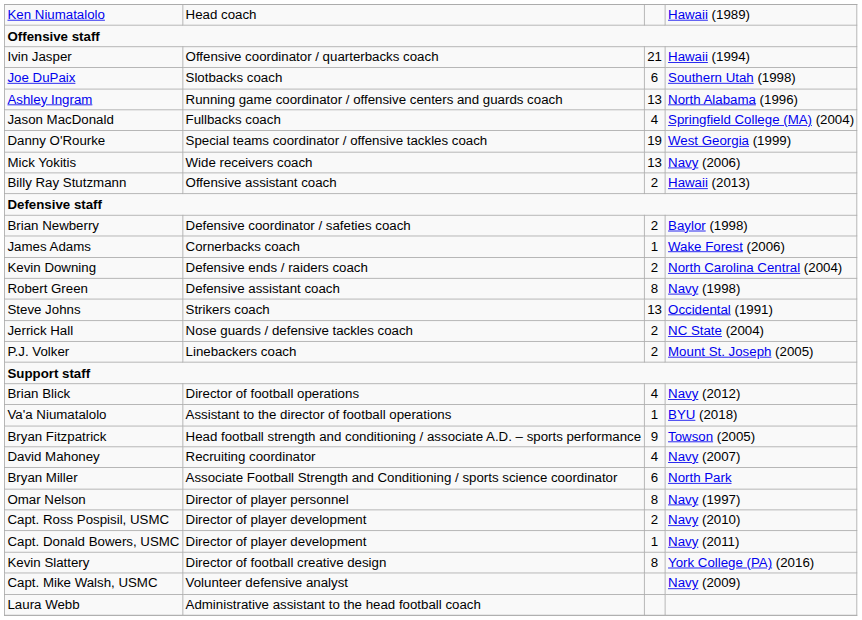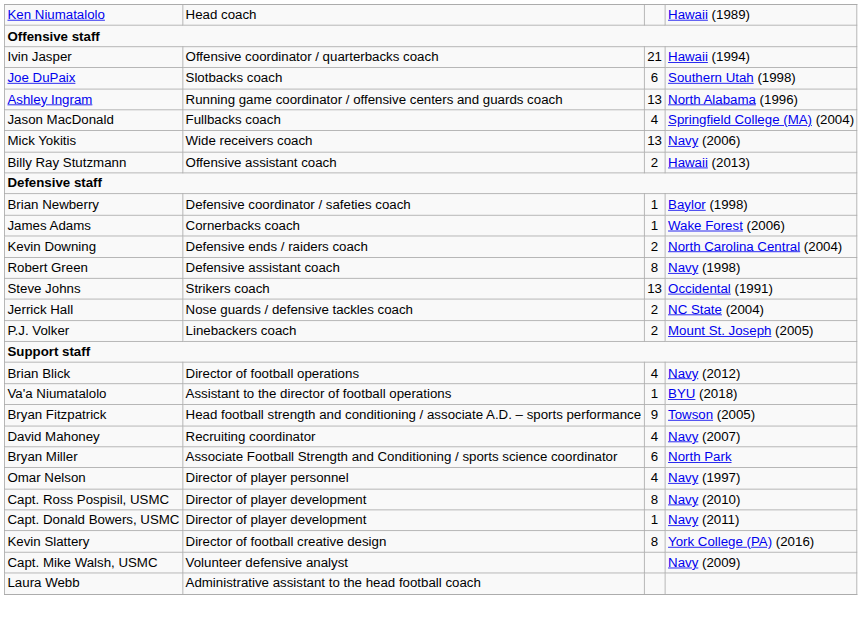 <table class="wikitable">
 <tr>
 </tr>
 <tr>
 <td><a href='#'>Ken Niumatalolo</a></td>
 <td>Head coach</td>
 <td align=center></td>
 <td><a href='#'>Hawaii</a> (1989)</td>
 </tr>
 <tr>
 <td colspan="4"><strong>Offensive staff</strong></td>
 </tr>
 <tr>
 <td>Ivin Jasper</td>
 <td>Offensive coordinator / quarterbacks coach</td>
 <td align=center>21</td>
 <td><a href='#'>Hawaii</a> (1994)</td>
 </tr>
 <tr>
 <td><a href='#'>Joe DuPaix</a></td>
 <td>Slotbacks coach</td>
 <td align=center>6</td>
 <td><a href='#'>Southern Utah</a> (1998)</td>
 </tr>
 <tr>
 <td><a href='#'>Ashley Ingram</a></td>
 <td>Running game coordinator / offensive centers and guards coach</td>
 <td align=center>13</td>
 <td><a href='#'>North Alabama</a> (1996)</td>
 </tr>
 <tr>
 <td>Jason MacDonald</td>
 <td>Fullbacks coach</td>
 <td align="center">4</td>
 <td><a href='#'>Springfield College (MA)</a> (2004)</td>
 </tr>
 <tr>
-<td>Danny O'Rourke</td>
-<td>Special teams coordinator / offensive tackles coach</td>
-<td align=center>19</td>
-<td><a href='#'>West Georgia</a> (1999)</td>
-</tr>
-<tr>
 <td>Mick Yokitis</td>
 <td>Wide receivers coach</td>
 <td align=center>13</td>
 <td><a href='#'>Navy</a> (2006)</td>
 </tr>
 <tr>
 <td>Billy Ray Stutzmann</td>
 <td>Offensive assistant coach</td>
 <td align=center>2</td>
 <td><a href='#'>Hawaii</a> (2013)</td>
 </tr>
 <tr>
 <td colspan="4"><strong>Defensive staff</strong></td>
 </tr>
 <tr>
 <td>Brian Newberry</td>
 <td>Defensive coordinator / safeties coach</td>
-<td align=center>2</td>
+<td align=center>1</td>
 <td><a href='#'>Baylor</a> (1998)</td>
 </tr>
 <tr>
 <td>James Adams</td>
 <td>Cornerbacks coach</td>
 <td align=center>1</td>
 <td><a href='#'>Wake Forest</a> (2006)</td>
 </tr>
 <tr>
 <td>Kevin Downing</td>
 <td>Defensive ends / raiders coach</td>
 <td align=center>2</td>
 <td><a href='#'>North Carolina Central</a> (2004)</td>
 </tr>
 <tr>
 <td>Robert Green</td>
 <td>Defensive assistant coach</td>
 <td align=center>8</td>
 <td><a href='#'>Navy</a> (1998)</td>
 </tr>
 <tr>
 <td>Steve Johns</td>
 <td>Strikers coach</td>
 <td align="center">13</td>
 <td><a href='#'>Occidental</a> (1991)</td>
 </tr>
 <tr>
 <td>Jerrick Hall</td>
 <td>Nose guards / defensive tackles coach</td>
 <td align="center">2</td>
 <td><a href='#'>NC State</a> (2004)</td>
 </tr>
 <tr>
 <td>P.J. Volker</td>
 <td>Linebackers coach</td>
 <td align=center>2</td>
 <td><a href='#'>Mount St. Joseph</a> (2005)</td>
 </tr>
 <tr>
 <td colspan="4"><strong>Support staff</strong></td>
 </tr>
 <tr>
 <td>Brian Blick</td>
 <td>Director of football operations</td>
 <td align=center>4</td>
 <td><a href='#'>Navy</a> (2012)</td>
 </tr>
 <tr>
 <td>Va'a Niumatalolo</td>
 <td>Assistant to the director of football operations</td>
 <td align="center">1</td>
 <td><a href='#'>BYU</a> (2018)</td>
 </tr>
 <tr>
 <td>Bryan Fitzpatrick</td>
 <td>Head football strength and conditioning / associate A.D. – sports performance</td>
 <td align="center">9</td>
 <td><a href='#'>Towson</a> (2005)</td>
 </tr>
 <tr>
 <td>David Mahoney</td>
 <td>Recruiting coordinator</td>
 <td align=center>4</td>
 <td><a href='#'>Navy</a> (2007)</td>
 </tr>
 <tr>
 <td>Bryan Miller</td>
 <td>Associate Football Strength and Conditioning / sports science coordinator</td>
 <td align=center>6</td>
 <td><a href='#'>North Park</a></td>
 </tr>
 <tr>
 <td>Omar Nelson</td>
 <td>Director of player personnel</td>
-<td align=center>8</td>
+<td align=center>4</td>
 <td><a href='#'>Navy</a> (1997)</td>
 </tr>
 <tr>
 <td>Capt. Ross Pospisil, USMC</td>
 <td>Director of player development</td>
-<td align=center>2</td>
+<td align=center>8</td>
 <td><a href='#'>Navy</a> (2010)</td>
 </tr>
 <tr>
 <td>Capt. Donald Bowers, USMC</td>
 <td>Director of player development</td>
 <td align=center>1</td>
 <td><a href='#'>Navy</a> (2011)</td>
 </tr>
 <tr>
 <td>Kevin Slattery</td>
 <td>Director of football creative design</td>
 <td align="center">8</td>
 <td><a href='#'>York College (PA)</a> (2016)</td>
 </tr>
 <tr>
 <td>Capt. Mike Walsh, USMC</td>
 <td>Volunteer defensive analyst</td>
 <td align="center"></td>
 <td><a href='#'>Navy</a> (2009)</td>
 </tr>
 <tr>
 <td>Laura Webb</td>
 <td>Administrative assistant to the head football coach</td>
 <td align=center></td>
 <td></td>
 </tr>
 <tr>
 </tr>
 </table>
